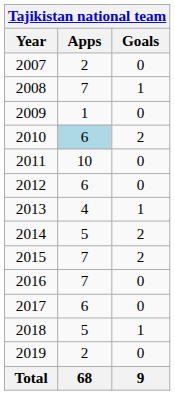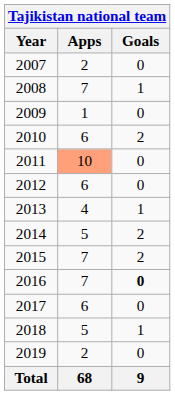 <table class="wikitable" style="text-align:center">
 <tr>
 <th colspan=3><a href='#'>Tajikistan national team</a></th>
 </tr>
 <tr>
 <th>Year</th>
 <th>Apps</th>
 <th>Goals</th>
 </tr>
 <tr>
 <td>2007</td>
 <td>2</td>
 <td>0</td>
 </tr>
 <tr>
 <td>2008</td>
 <td>7</td>
 <td>1</td>
 </tr>
 <tr>
 <td>2009</td>
 <td>1</td>
 <td>0</td>
 </tr>
 <tr>
 <td>2010</td>
-<td style="background: lightblue;">6</td>
+<td>6</td>
 <td>2</td>
 </tr>
 <tr>
 <td>2011</td>
-<td>10</td>
+<td style="background: lightsalmon;">10</td>
 <td>0</td>
 </tr>
 <tr>
 <td>2012</td>
 <td>6</td>
 <td>0</td>
 </tr>
 <tr>
 <td>2013</td>
 <td>4</td>
 <td>1</td>
 </tr>
 <tr>
 <td>2014</td>
 <td>5</td>
 <td>2</td>
 </tr>
 <tr>
 <td>2015</td>
 <td>7</td>
 <td>2</td>
 </tr>
 <tr>
 <td>2016</td>
 <td>7</td>
-<td>0</td>
+<td><strong>0</strong></td>
 </tr>
 <tr>
 <td>2017</td>
 <td>6</td>
 <td>0</td>
 </tr>
 <tr>
 <td>2018</td>
 <td>5</td>
 <td>1</td>
 </tr>
 <tr>
 <td>2019</td>
 <td>2</td>
 <td>0</td>
 </tr>
 <tr>
 <th>Total</th>
 <th>68</th>
 <th>9</th>
 </tr>
 </table>
